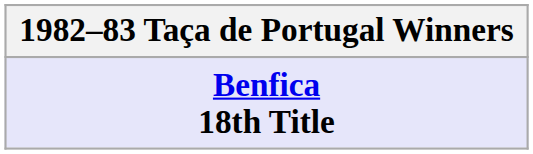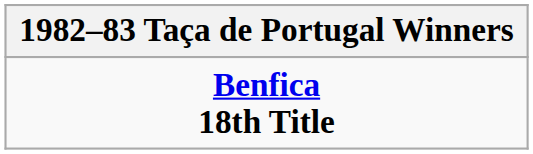 <table class="wikitable" style="text-align: center; margin: 0 auto; width: 20%">
 <tr>
 <th>1982–83 Taça de Portugal Winners</th>
 </tr>
 <tr>
-<td style="background: lavender;"><strong><a href='#'>Benfica</a></strong><br><strong>18th Title</strong></td>
+<td><strong><a href='#'>Benfica</a></strong><br><strong>18th Title</strong></td>
 </tr>
 </table>
